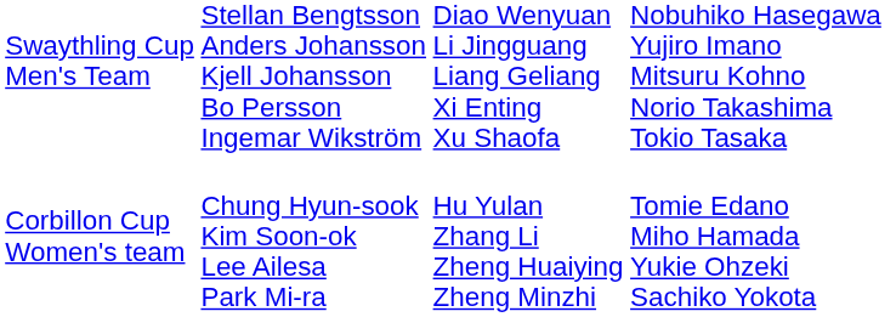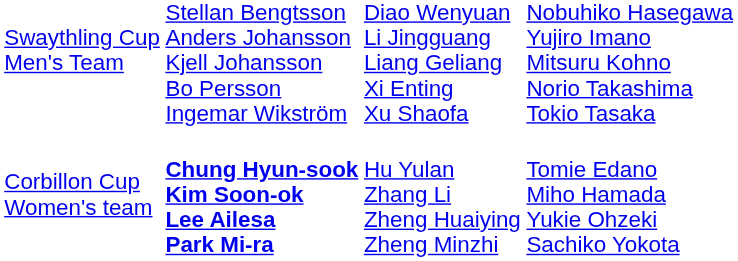 <table>
 <tr>
 <td><a href='#'>Swaythling Cup<br>Men's Team</a></td>
 <td><br><a href='#'>Stellan Bengtsson</a><br><a href='#'>Anders Johansson</a><br><a href='#'>Kjell Johansson</a><br><a href='#'>Bo Persson</a><br><a href='#'>Ingemar Wikström</a></td>
 <td><br><a href='#'>Diao Wenyuan</a><br><a href='#'>Li Jingguang</a><br><a href='#'>Liang Geliang</a><br><a href='#'>Xi Enting</a><br><a href='#'>Xu Shaofa</a></td>
 <td><br><a href='#'>Nobuhiko Hasegawa</a><br><a href='#'>Yujiro Imano</a><br><a href='#'>Mitsuru Kohno</a><br><a href='#'>Norio Takashima</a><br><a href='#'>Tokio Tasaka</a></td>
 </tr>
 <tr>
 <td><a href='#'>Corbillon Cup<br>Women's team</a></td>
-<td><br><a href='#'>Chung Hyun-sook</a><br><a href='#'>Kim Soon-ok</a><br><a href='#'>Lee Ailesa</a><br><a href='#'>Park Mi-ra</a></td>
+<td><strong><br><a href='#'>Chung Hyun-sook</a><br><a href='#'>Kim Soon-ok</a><br><a href='#'>Lee Ailesa</a><br><a href='#'>Park Mi-ra</a></strong></td>
 <td><br><a href='#'>Hu Yulan</a><br><a href='#'>Zhang Li</a><br><a href='#'>Zheng Huaiying</a><br><a href='#'>Zheng Minzhi</a></td>
 <td><br><a href='#'>Tomie Edano</a><br><a href='#'>Miho Hamada</a><br><a href='#'>Yukie Ohzeki</a><br><a href='#'>Sachiko Yokota</a></td>
 </tr>
 </table>
